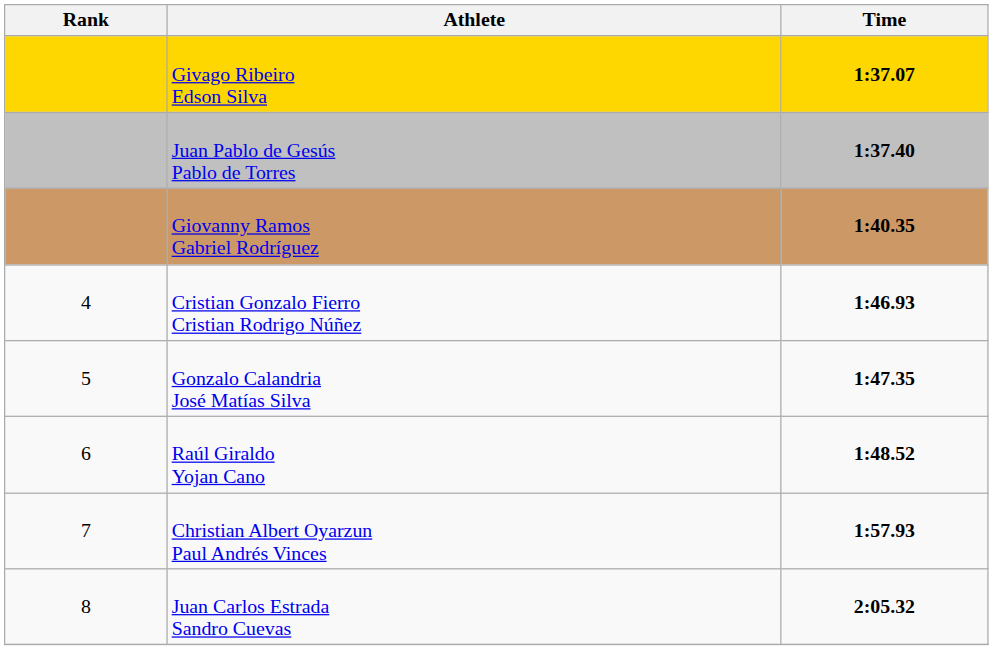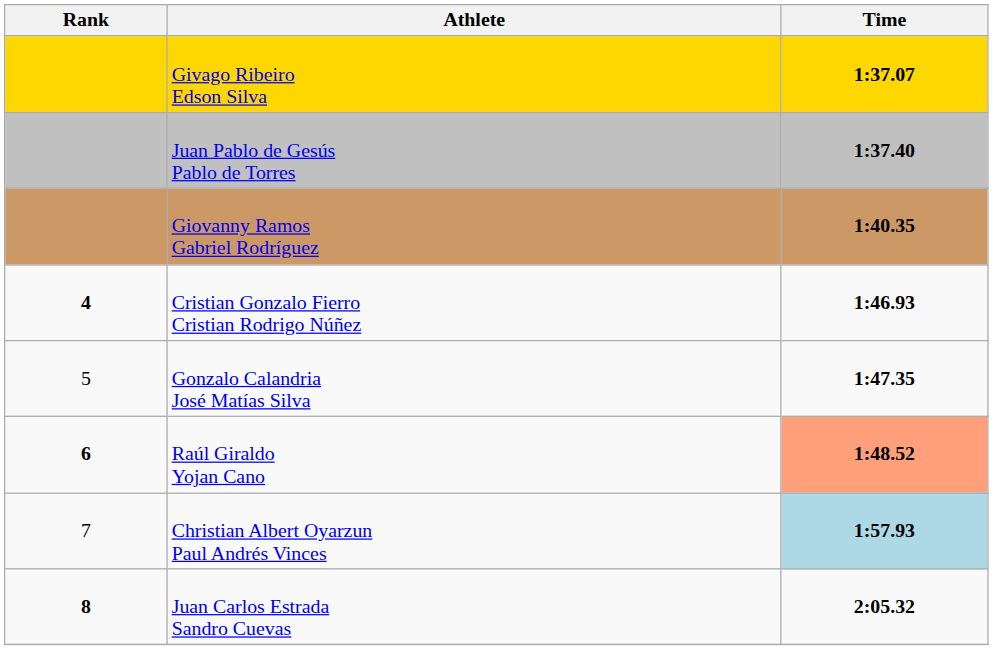 <table class="wikitable" width=40% style="text-align:center">
 <tr>
 <th>Rank</th>
 <th>Athlete</th>
 <th>Time</th>
 </tr>
 <tr bgcolor=gold>
 <td></td>
 <td align=left><br><a href='#'>Givago Ribeiro</a><br><a href='#'>Edson Silva</a></td>
 <td><strong>1:37.07</strong></td>
 </tr>
 <tr bgcolor=silver>
 <td></td>
 <td align=left><br><a href='#'>Juan Pablo de Gesús</a><br><a href='#'>Pablo de Torres</a></td>
 <td><strong>1:37.40</strong></td>
 </tr>
 <tr bgcolor=cc9966>
 <td></td>
 <td align=left><br><a href='#'>Giovanny Ramos</a><br><a href='#'>Gabriel Rodríguez</a></td>
 <td><strong>1:40.35</strong></td>
 </tr>
 <tr>
-<td>4</td>
+<td><strong>4</strong></td>
 <td align=left><br><a href='#'>Cristian Gonzalo Fierro</a><br><a href='#'>Cristian Rodrigo Núñez</a></td>
 <td><strong>1:46.93</strong></td>
 </tr>
 <tr>
 <td>5</td>
 <td align=left><br><a href='#'>Gonzalo Calandria</a><br><a href='#'>José Matías Silva</a></td>
 <td><strong>1:47.35</strong></td>
 </tr>
 <tr>
-<td>6</td>
+<td><strong>6</strong></td>
 <td align=left><br><a href='#'>Raúl Giraldo</a><br><a href='#'>Yojan Cano</a></td>
-<td><strong>1:48.52</strong></td>
+<td style="background: lightsalmon;"><strong>1:48.52</strong></td>
 </tr>
 <tr>
 <td>7</td>
 <td align=left><br><a href='#'>Christian Albert Oyarzun</a><br><a href='#'>Paul Andrés Vinces</a></td>
-<td><strong>1:57.93</strong></td>
+<td style="background: lightblue;"><strong>1:57.93</strong></td>
 </tr>
 <tr>
-<td>8</td>
+<td><strong>8</strong></td>
 <td align=left><br><a href='#'>Juan Carlos Estrada</a><br><a href='#'>Sandro Cuevas</a></td>
 <td><strong>2:05.32</strong></td>
 </tr>
 <tr>
 </tr>
 </table>
